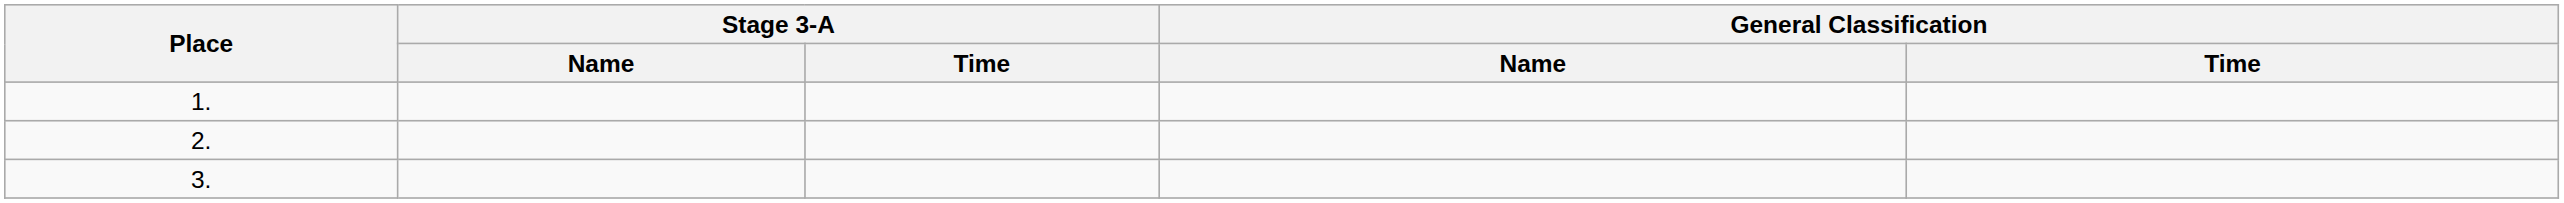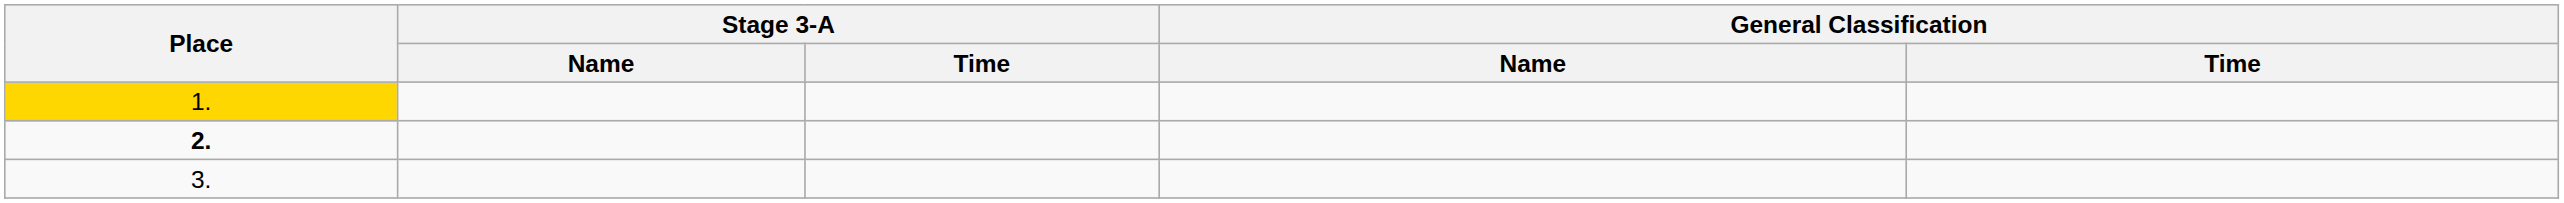 <table class=wikitable style="font-size:95%" width="80%">
 <tr>
 <th rowspan="2">Place</th>
 <th colspan="2">Stage 3-A</th>
 <th colspan="2">General Classification</th>
 </tr>
 <tr>
 <th>Name</th>
 <th>Time</th>
 <th>Name</th>
 <th>Time</th>
 </tr>
 <tr>
-<td align="center">1.</td>
+<td align="center" style="background: gold;">1.</td>
 <td></td>
 <td></td>
 <td></td>
 <td></td>
 </tr>
 <tr>
-<td align="center">2.</td>
+<td align="center"><strong>2.</strong></td>
 <td></td>
 <td></td>
 <td></td>
 <td></td>
 </tr>
 <tr>
 <td align="center">3.</td>
 <td></td>
 <td></td>
 <td></td>
 <td></td>
 </tr>
 </table>
